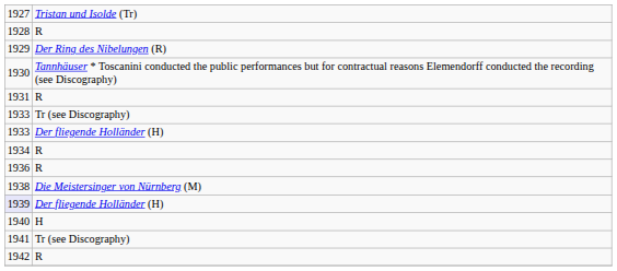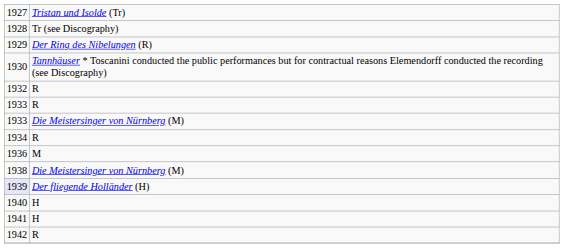 <table class="wikitable">
 <tr>
 <td>1927</td>
 <td><em><a href='#'>Tristan und Isolde</a></em> (Tr)</td>
 </tr>
 <tr>
 <td>1928</td>
-<td>R</td>
+<td>Tr (see Discography)</td>
 </tr>
 <tr>
 <td>1929</td>
 <td><em><a href='#'>Der Ring des Nibelungen</a></em> (R)</td>
 </tr>
 <tr>
 <td>1930</td>
 <td><em><a href='#'>Tannhäuser</a></em> * Toscanini conducted the public performances but for contractual reasons Elemendorff conducted the recording (see Discography)</td>
 </tr>
 <tr>
-<td>1931</td>
+<td>1932</td>
 <td>R</td>
 </tr>
 <tr>
 <td>1933</td>
-<td>Tr (see Discography)</td>
+<td>R</td>
 </tr>
 <tr>
 <td>1933</td>
-<td><em><a href='#'>Der fliegende Holländer</a></em> (H)</td>
+<td><em><a href='#'>Die Meistersinger von Nürnberg</a></em> (M)</td>
 </tr>
 <tr>
 <td>1934</td>
 <td>R</td>
 </tr>
 <tr>
 <td>1936</td>
-<td>R</td>
+<td>M</td>
 </tr>
 <tr>
 <td>1938</td>
 <td><em><a href='#'>Die Meistersinger von Nürnberg</a></em> (M)</td>
 </tr>
 <tr>
 <td style="background: lavender;">1939</td>
 <td><em><a href='#'>Der fliegende Holländer</a></em> (H)</td>
 </tr>
 <tr>
 <td>1940</td>
 <td>H</td>
 </tr>
 <tr>
 <td>1941</td>
-<td>Tr (see Discography)</td>
+<td>H</td>
 </tr>
 <tr>
 <td>1942</td>
 <td>R</td>
 </tr>
 <tr>
 </tr>
 </table>
